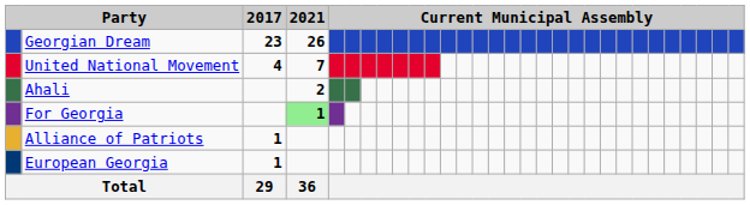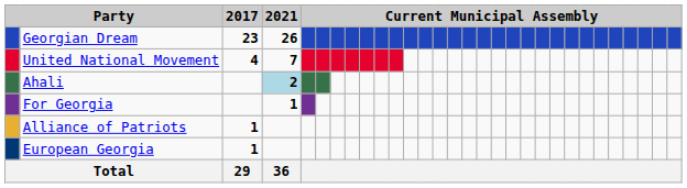 <table class="wikitable">
 <tr>
 <th colspan="2" style="background:#ccc">Party</th>
 <th style="background:#ccc">2017</th>
 <th style="background:#ccc">2021</th>
 <th colspan="45" style="background:#ccc">Current Municipal Assembly</th>
 </tr>
 <tr>
 <td style="background-color: #2044bc "> </td>
 <td><a href='#'>Georgian Dream</a></td>
 <td style="text-align: right"><strong>23</strong></td>
 <td style="text-align: right"><strong>26</strong></td>
 <td style="background-color:#2044bc "></td>
 <td style="background-color:#2044bc "> </td>
 <td style="background-color:#2044bc "> </td>
 <td style="background-color:#2044bc "> </td>
 <td style="background-color:#2044bc "> </td>
 <td style="background-color:#2044bc "> </td>
 <td style="background-color:#2044bc "> </td>
 <td style="background-color:#2044bc "> </td>
 <td style="background-color:#2044bc "> </td>
 <td style="background-color:#2044bc "> </td>
 <td style="background-color:#2044bc "> </td>
 <td style="background-color:#2044bc "> </td>
 <td style="background-color:#2044bc "> </td>
 <td style="background-color:#2044bc "> </td>
 <td style="background-color:#2044bc "> </td>
 <td style="background-color:#2044bc "> </td>
 <td style="background-color:#2044bc "> </td>
 <td style="background-color:#2044bc "> </td>
 <td style="background-color:#2044bc "> </td>
 <td style="background-color:#2044bc "> </td>
 <td style="background-color:#2044bc "> </td>
 <td style="background-color:#2044bc "> </td>
 <td style="background-color:#2044bc "> </td>
 <td style="background-color:#2044bc "> </td>
 <td style="background-color:#2044bc "> </td>
 <td style="background-color:#2044bc "> </td>
 </tr>
 <tr>
 <td style="background-color: #e4012e  "> </td>
 <td><a href='#'>United National Movement</a></td>
 <td style="text-align: right"><strong>4</strong></td>
 <td style="text-align: right"><strong>7</strong></td>
 <td style="background-color:#e4012e "> </td>
 <td style="background-color:#e4012e "> </td>
 <td style="background-color:#e4012e "> </td>
 <td style="background-color:#e4012e "> </td>
 <td style="background-color:#e4012e "> </td>
 <td style="background-color:#e4012e "> </td>
 <td style="background-color:#e4012e "> </td>
 <td></td>
 <td></td>
 <td></td>
 <td></td>
 <td></td>
 <td></td>
 <td></td>
 <td></td>
 <td></td>
 <td></td>
 <td></td>
 <td></td>
 <td></td>
 <td></td>
 <td></td>
 <td></td>
 <td></td>
 <td></td>
 <td></td>
 </tr>
 <tr>
 <td style="background-color: #377149 "> </td>
 <td><a href='#'>Ahali</a></td>
 <td></td>
-<td style="text-align: right"><strong>2</strong></td>
+<td style="background: lightblue; text-align: right"><strong>2</strong></td>
 <td style="background-color: #377149 "> </td>
 <td style="background-color: #377149 "> </td>
 <td></td>
 <td></td>
 <td></td>
 <td></td>
 <td></td>
 <td></td>
 <td></td>
 <td></td>
 <td></td>
 <td></td>
 <td></td>
 <td></td>
 <td></td>
 <td></td>
 <td></td>
 <td></td>
 <td></td>
 <td></td>
 <td></td>
 <td></td>
 <td></td>
 <td></td>
 <td></td>
 <td></td>
 </tr>
 <tr>
 <td style="background-color: #702F92  "> </td>
 <td><a href='#'>For Georgia</a></td>
 <td></td>
-<td style="background: lightgreen; text-align: right"><strong>1</strong></td>
+<td style="text-align: right"><strong>1</strong></td>
 <td style="background-color: #702f92 "> </td>
 <td></td>
 <td></td>
 <td></td>
 <td></td>
 <td></td>
 <td></td>
 <td></td>
 <td></td>
 <td></td>
 <td></td>
 <td></td>
 <td></td>
 <td></td>
 <td></td>
 <td></td>
 <td></td>
 <td></td>
 <td></td>
 <td></td>
 <td></td>
 <td></td>
 <td></td>
 <td></td>
 <td></td>
 <td></td>
 </tr>
 <tr>
 <td style="background-color: #e7b031 "> </td>
 <td><a href='#'>Alliance of Patriots</a></td>
 <td style="text-align: right"><strong>1</strong></td>
 <td></td>
 <td></td>
 <td></td>
 <td></td>
 <td></td>
 <td></td>
 <td></td>
 <td></td>
 <td></td>
 <td></td>
 <td></td>
 <td></td>
 <td></td>
 <td></td>
 <td></td>
 <td></td>
 <td></td>
 <td></td>
 <td></td>
 <td></td>
 <td></td>
 <td></td>
 <td></td>
 <td></td>
 <td></td>
 <td></td>
 <td></td>
 </tr>
 <tr>
 <td style="background-color: #003876  "> </td>
 <td><a href='#'>European Georgia</a></td>
 <td style="text-align: right"><strong>1</strong></td>
 <td></td>
 <td></td>
 <td></td>
 <td></td>
 <td></td>
 <td></td>
 <td></td>
 <td></td>
 <td></td>
 <td></td>
 <td></td>
 <td></td>
 <td></td>
 <td></td>
 <td></td>
 <td></td>
 <td></td>
 <td></td>
 <td></td>
 <td></td>
 <td></td>
 <td></td>
 <td></td>
 <td></td>
 <td></td>
 <td></td>
 <td></td>
 </tr>
 <tr>
 <th colspan="2">Total</th>
 <th align="right">29</th>
 <th align="right">36</th>
 <th colspan="45"> </th>
 </tr>
 </table>
